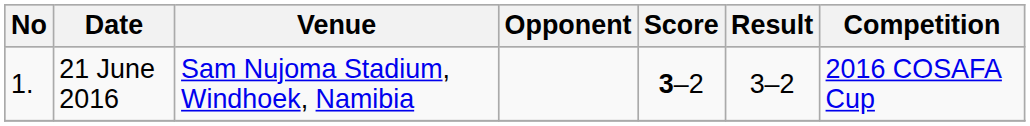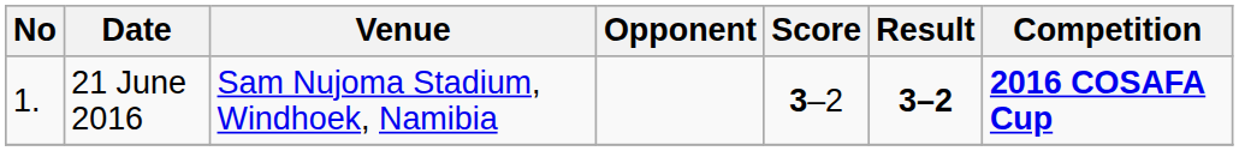 <table class="wikitable">
 <tr>
 <th>No</th>
 <th>Date</th>
 <th>Venue</th>
 <th>Opponent</th>
 <th>Score</th>
 <th>Result</th>
 <th>Competition</th>
 </tr>
 <tr>
 <td>1.</td>
 <td>21 June 2016</td>
 <td><a href='#'>Sam Nujoma Stadium</a>, <a href='#'>Windhoek</a>, <a href='#'>Namibia</a></td>
 <td></td>
 <td align=center><strong>3</strong>–2</td>
-<td align=center>3–2</td>
-<td><a href='#'>2016 COSAFA Cup</a></td>
+<td align=center><strong>3–2</strong></td>
+<td><strong><a href='#'>2016 COSAFA Cup</a></strong></td>
 </tr>
 <tr>
 </tr>
 </table>
